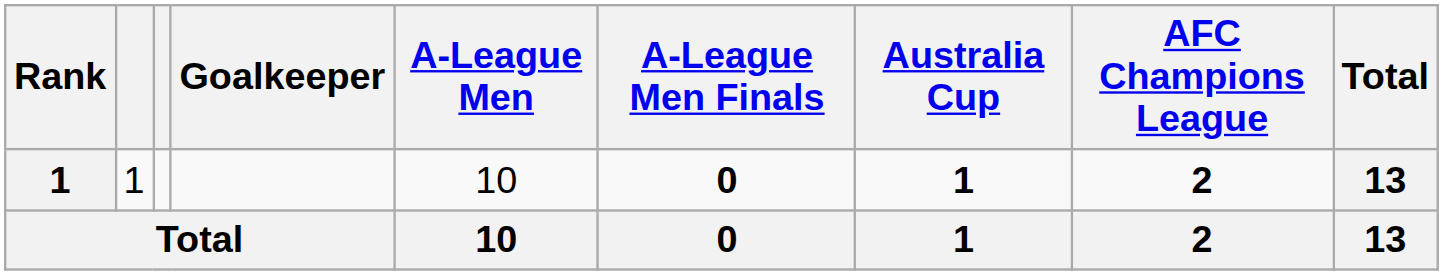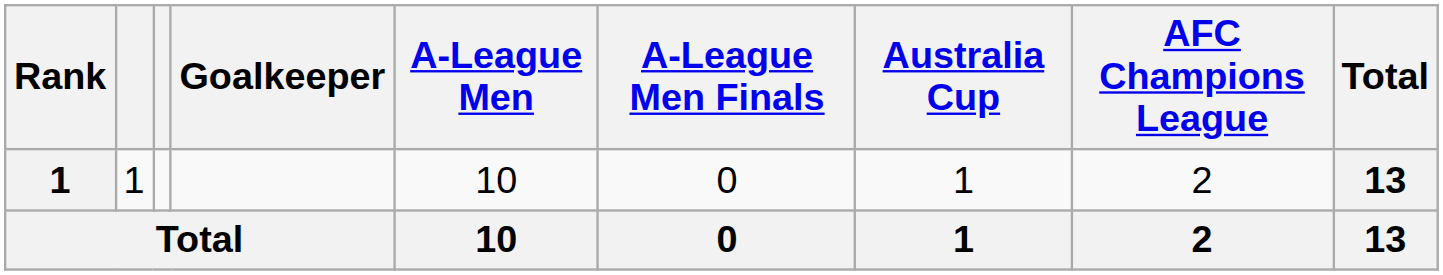 <table class="wikitable" style="text-align:center">
 <tr>
 <th>Rank</th>
 <th></th>
 <th></th>
 <th>Goalkeeper</th>
 <th><a href='#'>A-League Men</a></th>
 <th><a href='#'>A-League Men Finals</a></th>
 <th><a href='#'>Australia Cup</a></th>
 <th><a href='#'>AFC Champions<br>League</a></th>
 <th>Total</th>
 </tr>
 <tr>
 <th>1</th>
 <td>1</td>
 <td></td>
 <td align="left"></td>
 <td>10</td>
-<td><strong>0</strong></td>
-<td><strong>1</strong></td>
-<td><strong>2</strong></td>
+<td>0</td>
+<td>1</td>
+<td>2</td>
 <th>13</th>
 </tr>
 <tr>
 <th colspan="4">Total</th>
 <th>10</th>
 <th>0</th>
 <th>1</th>
 <th>2</th>
 <th>13</th>
 </tr>
 </table>
